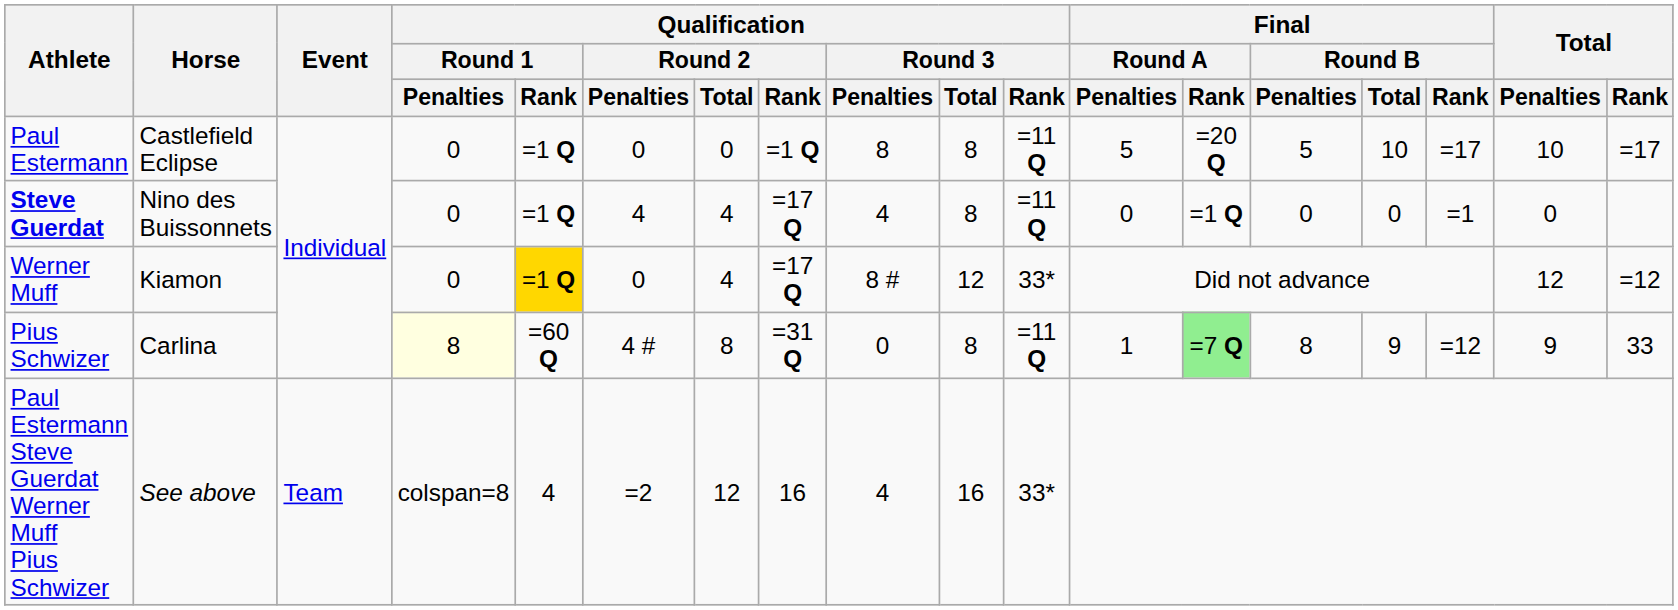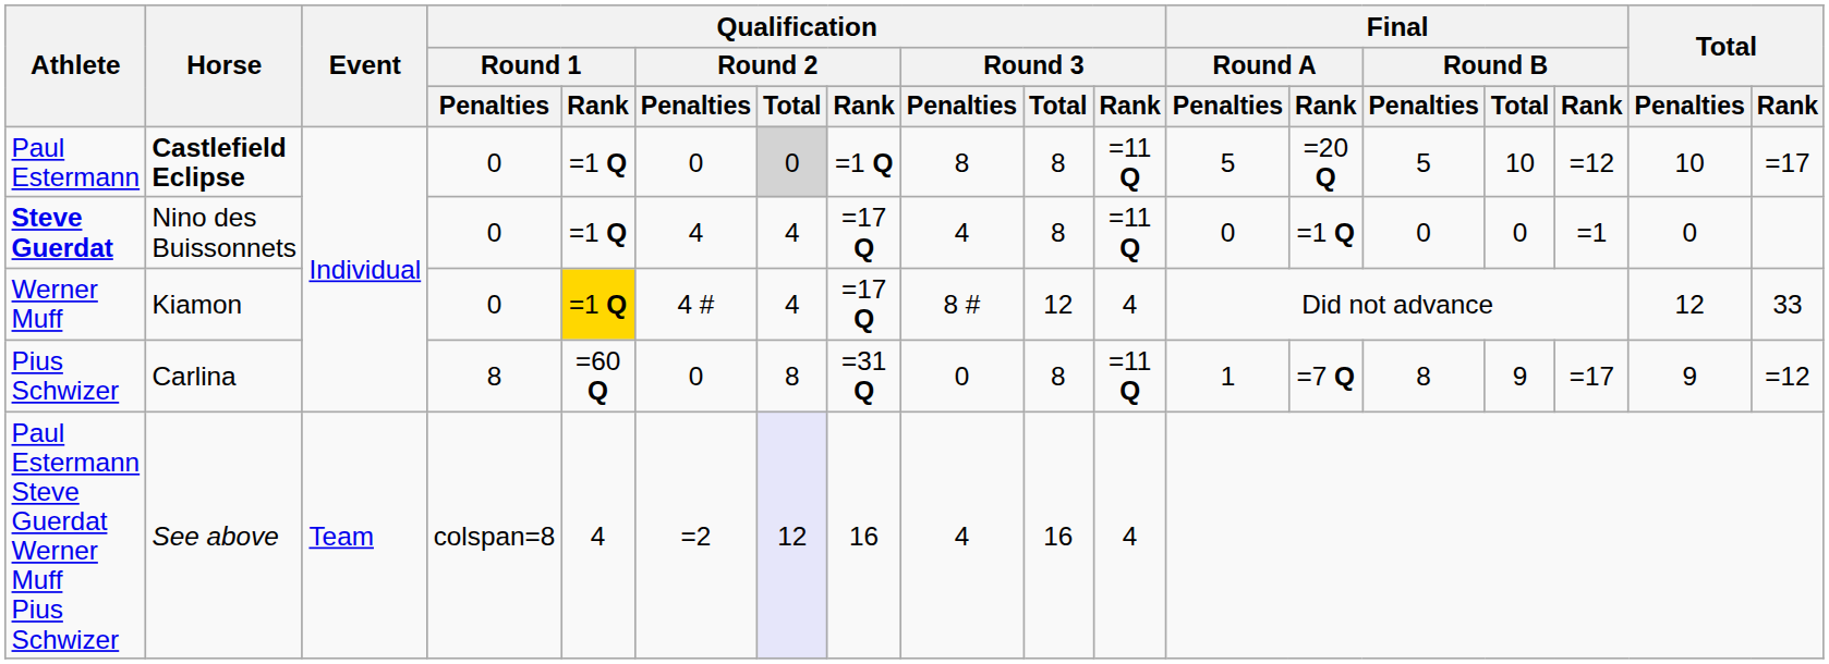 <table class="wikitable" style="font-size:90%">
 <tr>
 <th rowspan="3">Athlete</th>
 <th rowspan="3">Horse</th>
 <th rowspan="3">Event</th>
 <th colspan="8">Qualification</th>
 <th colspan="5">Final</th>
 <th rowspan=2 colspan="2">Total</th>
 </tr>
 <tr style="font-size:95%">
 <th colspan="2">Round 1</th>
 <th colspan="3">Round 2</th>
 <th colspan="3">Round 3</th>
 <th colspan="2">Round A</th>
 <th colspan="3">Round B</th>
 </tr>
 <tr style="font-size:95%">
 <th>Penalties</th>
 <th>Rank</th>
 <th>Penalties</th>
 <th>Total</th>
 <th>Rank</th>
 <th>Penalties</th>
 <th>Total</th>
 <th>Rank</th>
 <th>Penalties</th>
 <th>Rank</th>
 <th>Penalties</th>
 <th>Total</th>
 <th>Rank</th>
 <th>Penalties</th>
 <th>Rank</th>
 </tr>
 <tr align=center>
 <td align=left><a href='#'>Paul Estermann</a></td>
-<td align=left>Castlefield Eclipse</td>
+<td align=left><strong>Castlefield Eclipse</strong></td>
 <td align=left rowspan=4><a href='#'>Individual</a></td>
 <td>0</td>
 <td>=1 <strong>Q</strong></td>
 <td>0</td>
-<td>0</td>
+<td style="background: lightgrey;">0</td>
 <td>=1 <strong>Q</strong></td>
 <td>8</td>
 <td>8</td>
 <td>=11 <strong>Q</strong></td>
 <td>5</td>
 <td>=20 <strong>Q</strong></td>
 <td>5</td>
 <td>10</td>
-<td>=17</td>
+<td>=12</td>
 <td>10</td>
 <td>=17</td>
 </tr>
 <tr align=center>
 <td align=left><strong><a href='#'>Steve Guerdat</a></strong></td>
 <td align=left>Nino des Buissonnets</td>
 <td>0</td>
 <td>=1 <strong>Q</strong></td>
 <td>4</td>
 <td>4</td>
 <td>=17 <strong>Q</strong></td>
 <td>4</td>
 <td>8</td>
 <td>=11 <strong>Q</strong></td>
 <td>0</td>
 <td>=1 <strong>Q</strong></td>
 <td>0</td>
 <td>0</td>
 <td>=1</td>
 <td>0</td>
 <td></td>
 </tr>
 <tr align=center>
 <td align=left><a href='#'>Werner Muff</a></td>
 <td align=left>Kiamon</td>
 <td>0</td>
 <td style="background: gold;">=1 <strong>Q</strong></td>
-<td>0</td>
+<td>4 #</td>
 <td>4</td>
 <td>=17 <strong>Q</strong></td>
 <td>8 #</td>
 <td>12</td>
-<td>33*</td>
+<td>4</td>
 <td colspan=5>Did not advance</td>
 <td>12</td>
-<td>=12</td>
+<td>33</td>
 </tr>
 <tr align=center>
 <td align=left><a href='#'>Pius Schwizer</a></td>
 <td align=left>Carlina</td>
-<td style="background: lightyellow;">8</td>
+<td>8</td>
 <td>=60 <strong>Q</strong></td>
-<td>4 #</td>
+<td>0</td>
 <td>8</td>
 <td>=31 <strong>Q</strong></td>
 <td>0</td>
 <td>8</td>
 <td>=11 <strong>Q</strong></td>
 <td>1</td>
-<td style="background: lightgreen;">=7 <strong>Q</strong></td>
+<td>=7 <strong>Q</strong></td>
 <td>8</td>
 <td>9</td>
+<td>=17</td>
+<td>9</td>
 <td>=12</td>
-<td>9</td>
-<td>33</td>
 </tr>
 <tr align=center>
 <td align=left><a href='#'>Paul Estermann</a><br><a href='#'>Steve Guerdat</a><br><a href='#'>Werner Muff</a><br><a href='#'>Pius Schwizer</a></td>
 <td align=left><em>See above</em></td>
 <td align=left><a href='#'>Team</a></td>
 <td>colspan=8 </td>
 <td>4</td>
 <td>=2</td>
-<td>12</td>
+<td style="background: lavender;">12</td>
 <td>16</td>
 <td>4</td>
 <td>16</td>
-<td>33*</td>
+<td>4</td>
 </tr>
 </table>
